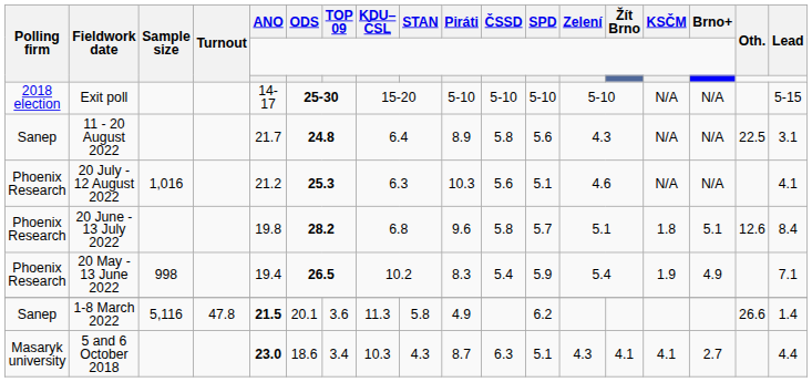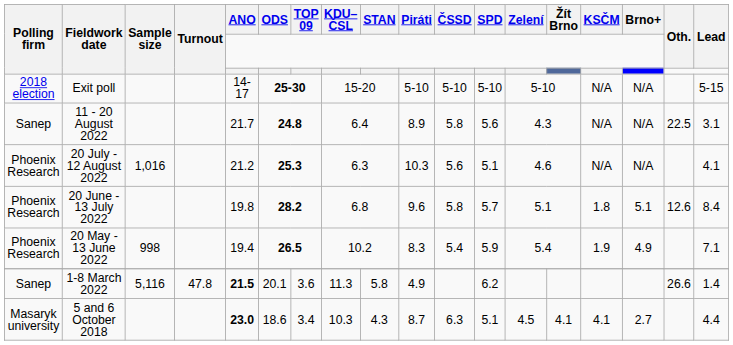 <table class="wikitable mw-collapsible sortable" style="text-align:center;font-size:90%;line-height:14px;">
 <tr>
 <th rowspan="3">Polling firm</th>
 <th rowspan="3">Fieldwork<br>date</th>
 <th rowspan="3">Sample<br>size</th>
 <th rowspan="3">Turnout</th>
 <th class="unsortable" style="width:40px;"><a href='#'>ANO</a></th>
 <th class="unsortable" style="width:40px;"><a href='#'>ODS</a></th>
 <th class="unsortable" style="width:40px;"><a href='#'>TOP 09</a></th>
 <th class="unsortable" style="width:40px;"><a href='#'>KDU–<br>ČSL</a></th>
 <th class="unsortable" style="width:40px;"><a href='#'>STAN</a></th>
 <th class="unsortable" style="width:40px;"><a href='#'>Piráti</a></th>
 <th class="unsortable" style="width:40px;"><a href='#'>ČSSD</a></th>
 <th class="unsortable" style="width:40px;"><a href='#'>SPD</a></th>
 <th class="unsortable" style="width:40px;"><a href='#'>Zelení</a></th>
 <th class="unsortable" style="width:40px;">Žít Brno</th>
 <th class="unsortable" style="width:40px;"><a href='#'>KSČM</a></th>
 <th class="unsortable" style="width:40px;">Brno+</th>
 <th style="width:90px;" rowspan="2">Oth.</th>
 <th style="width:90px;" rowspan="2">Lead</th>
 </tr>
 <tr style="height:40px;">
 </tr>
 <tr>
 <th class="unsortable" style="color:inherit;background:"></th>
 <th class="unsortable" style="color:inherit;background:"></th>
 <th class="unsortable" style="color:inherit;background:"></th>
 <th class="unsortable" style="color:inherit;background:"></th>
 <th class="unsortable" style="color:inherit;background:"></th>
 <th class="unsortable" style="color:inherit;background:"></th>
 <th class="unsortable" style="color:inherit;background:"></th>
 <th class="unsortable" style="color:inherit;background:"></th>
 <th class="unsortable" style="color:inherit;background:"></th>
 <th class="unsortable" style="color:inherit;background:#4F689A;"></th>
 <th class="unsortable" style="color:inherit;background:"></th>
 <th class="unsortable" style="color:inherit;background:blue;"></th>
 </tr>
 <tr>
 <td><a href='#'>2018 election</a></td>
 <td>Exit poll</td>
 <td></td>
 <td></td>
 <td>14-17</td>
 <td colspan="2" ><strong>25-30</strong></td>
 <td colspan="2">15-20</td>
 <td>5-10</td>
 <td>5-10</td>
 <td>5-10</td>
 <td colspan="2">5-10</td>
 <td>N/A</td>
 <td>N/A</td>
 <td></td>
 <td style="background:">5-15</td>
 </tr>
 <tr>
 <td>Sanep</td>
 <td>11 - 20 August 2022</td>
 <td></td>
 <td></td>
 <td>21.7</td>
 <td colspan="2" ><strong>24.8</strong></td>
 <td colspan="2">6.4</td>
 <td>8.9</td>
 <td>5.8</td>
 <td>5.6</td>
 <td colspan="2">4.3</td>
 <td>N/A</td>
 <td>N/A</td>
 <td>22.5</td>
 <td style="background:">3.1</td>
 </tr>
 <tr>
 <td>Phoenix Research</td>
 <td>20 July - 12 August 2022</td>
 <td>1,016</td>
 <td></td>
 <td>21.2</td>
 <td colspan="2" ><strong>25.3</strong></td>
 <td colspan="2">6.3</td>
 <td>10.3</td>
 <td>5.6</td>
 <td>5.1</td>
 <td colspan="2">4.6</td>
 <td>N/A</td>
 <td>N/A</td>
 <td></td>
 <td style="background:">4.1</td>
 </tr>
 <tr>
 <td>Phoenix Research</td>
 <td>20 June - 13 July 2022</td>
 <td></td>
 <td></td>
 <td>19.8</td>
 <td colspan="2" ><strong>28.2</strong></td>
 <td colspan="2">6.8</td>
 <td>9.6</td>
 <td>5.8</td>
 <td>5.7</td>
 <td colspan="2">5.1</td>
 <td>1.8</td>
 <td>5.1</td>
 <td>12.6</td>
 <td style="background:">8.4</td>
 </tr>
 <tr>
 <td>Phoenix Research</td>
 <td>20 May - 13 June 2022</td>
 <td>998</td>
 <td></td>
 <td>19.4</td>
 <td colspan="2" ><strong>26.5</strong></td>
 <td colspan="2">10.2</td>
 <td>8.3</td>
 <td>5.4</td>
 <td>5.9</td>
 <td colspan="2">5.4</td>
 <td>1.9</td>
 <td>4.9</td>
 <td></td>
 <td style="background:">7.1</td>
 </tr>
 <tr>
 </tr>
 <tr>
 <td>Sanep</td>
 <td>1-8 March 2022</td>
 <td>5,116</td>
 <td>47.8</td>
 <td><strong>21.5</strong></td>
 <td>20.1</td>
 <td>3.6</td>
 <td>11.3</td>
 <td>5.8</td>
 <td>4.9</td>
 <td></td>
 <td>6.2</td>
 <td></td>
 <td></td>
 <td></td>
 <td></td>
 <td>26.6</td>
 <td style="background:">1.4</td>
 </tr>
 <tr>
 <td>Masaryk university</td>
 <td>5 and 6 October 2018</td>
 <td></td>
 <td></td>
 <td><strong>23.0</strong></td>
 <td>18.6</td>
 <td>3.4</td>
 <td>10.3</td>
 <td>4.3</td>
 <td>8.7</td>
 <td>6.3</td>
 <td>5.1</td>
-<td>4.3</td>
+<td>4.5</td>
 <td>4.1</td>
 <td>4.1</td>
 <td>2.7</td>
 <td></td>
 <td style="background:">4.4</td>
 </tr>
 </table>
